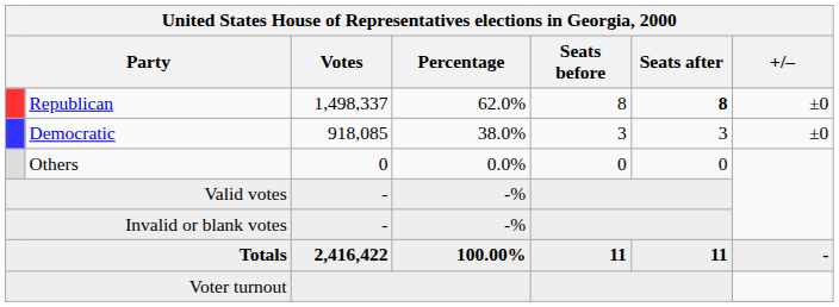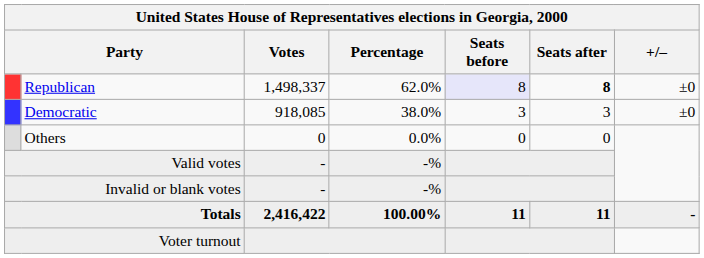 <table class="wikitable" style="font-size: 95%;">
 <tr>
 <th colspan="7">United States House of Representatives elections in Georgia, 2000</th>
 </tr>
 <tr>
 <th colspan=2 style="width: 15em">Party</th>
 <th style="width: 5em">Votes</th>
 <th style="width: 7em">Percentage</th>
 <th style="width: 5em">Seats before</th>
 <th style="width: 5em">Seats after</th>
 <th style="width: 5em">+/–</th>
 </tr>
 <tr>
 <th style="background-color:#FF3333; width: 3px"></th>
 <td style="width: 130px"><a href='#'>Republican</a></td>
 <td align="right">1,498,337</td>
 <td align="right">62.0%</td>
-<td align="right">8</td>
+<td align="right" style="background: lavender;">8</td>
 <td align="right"><strong>8</strong></td>
 <td align="right">±0</td>
 </tr>
 <tr>
 <th style="background-color:#3333FF; width: 3px"></th>
 <td style="width: 130px"><a href='#'>Democratic</a></td>
 <td align="right">918,085</td>
 <td align="right">38.0%</td>
 <td align="right">3</td>
 <td align="right">3</td>
 <td align="right">±0</td>
 </tr>
 <tr>
 <th style="background-color:#DDDDDD; width: 3px"></th>
 <td style="width: 130px">Others</td>
 <td align="right">0</td>
 <td align="right">0.0%</td>
 <td align="right">0</td>
 <td align="right">0</td>
 </tr>
 <tr bgcolor="#EEEEEE">
 <td colspan="2" align="right">Valid votes</td>
 <td align="right">-</td>
 <td align="right">-%</td>
 <td colspan="2" align="right"></td>
 </tr>
 <tr bgcolor="#EEEEEE">
 <td colspan="2" align="right">Invalid or blank votes</td>
 <td align="right">-</td>
 <td align="right">-%</td>
 <td colspan="2" align="right"></td>
 </tr>
 <tr bgcolor="#EEEEEE">
 <td colspan="2" align="right"><strong>Totals</strong></td>
 <td align="right"><strong>2,416,422</strong></td>
 <td align="right"><strong>100.00%</strong></td>
 <td align="right"><strong>11</strong></td>
 <td align="right"><strong>11</strong></td>
 <td align="right"><strong>-</strong></td>
 </tr>
 <tr bgcolor="#EEEEEE">
 <td colspan="2" align="right">Voter turnout</td>
 <td colspan="2" align="right"></td>
 <td colspan="2" align="right"></td>
 </tr>
 </table>
